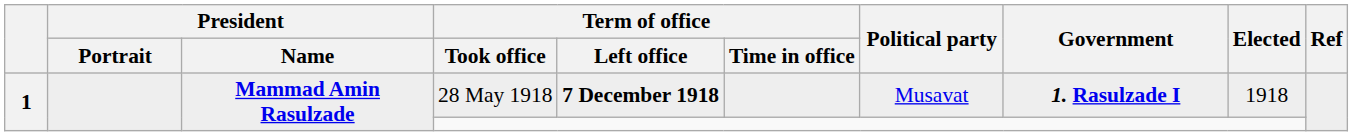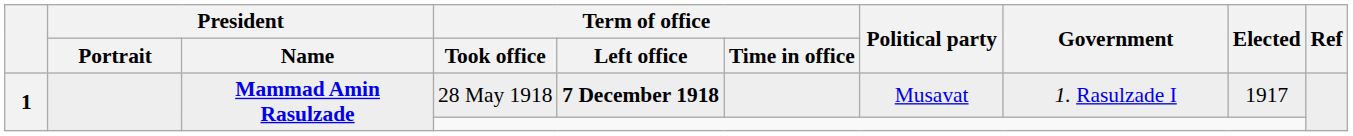 <table class="wikitable"  style="text-align:center">
 <tr>
 <th rowspan=2 style="width:25px;"></th>
 <th colspan=2 style="width:280px;">President<br></th>
 <th colspan=3>Term of office</th>
 <th style="width:100px;" rowspan="2">Political party</th>
 <th style="width:160px;" rowspan="2">Government</th>
 <th rowspan=2>Elected</th>
 <th rowspan=2 style="width:20px;">Ref</th>
 </tr>
 <tr>
 <th>Portrait</th>
 <th width=180px>Name</th>
 <th>Took office</th>
 <th>Left office</th>
 <th>Time in office</th>
 </tr>
 <tr bgcolor=#EEEEEE>
 <th rowspan=2 style="background:">1</th>
 <td rowspan=2></td>
 <td rowspan=2><strong><a href='#'>Mammad Amin Rasulzade</a></strong><br></td>
 <td>28 May 1918</td>
 <td><strong>7 December 1918</strong></td>
 <td><small></small></td>
 <td style="background:"><a href='#'><span>Musavat <br></span></a></td>
-<td><strong><em>1.</em> <a href='#'>Rasulzade I</a></strong></td>
-<td>1918</td>
+<td><em>1.</em> <a href='#'>Rasulzade I</a></td>
+<td>1917</td>
 <td rowspan=2></td>
 </tr>
 <tr>
 <td colspan=6 align=left></td>
 </tr>
 </table>
